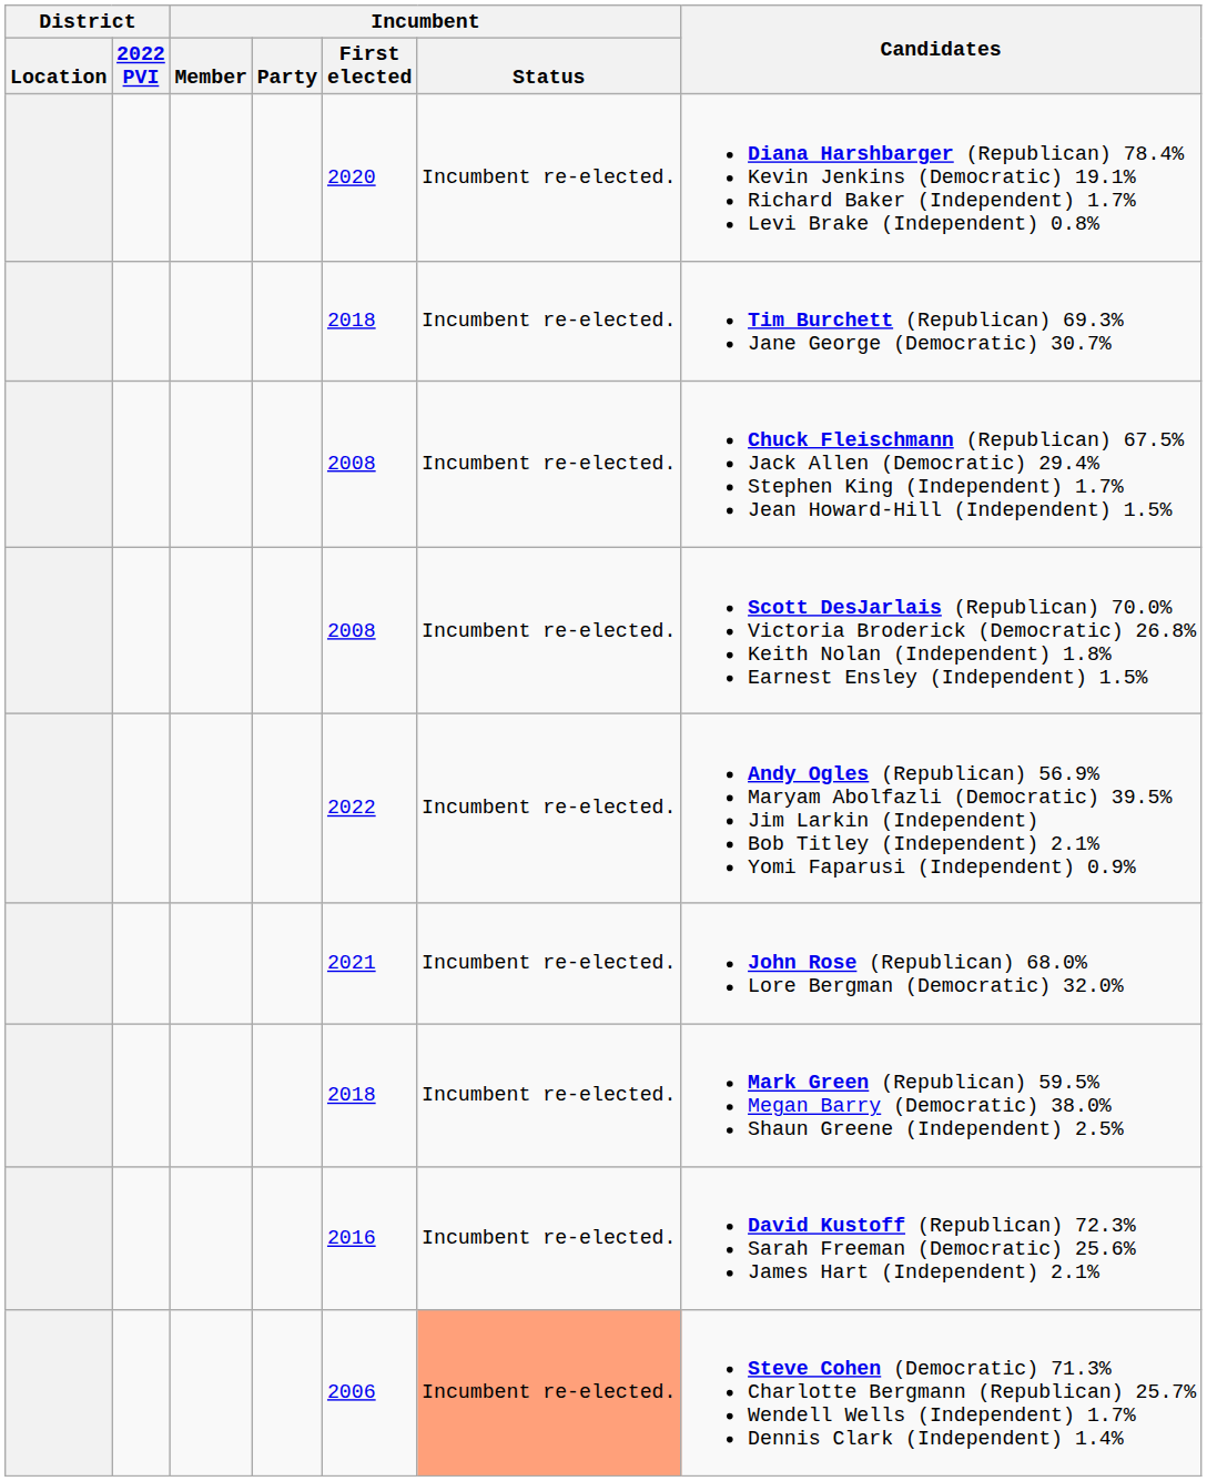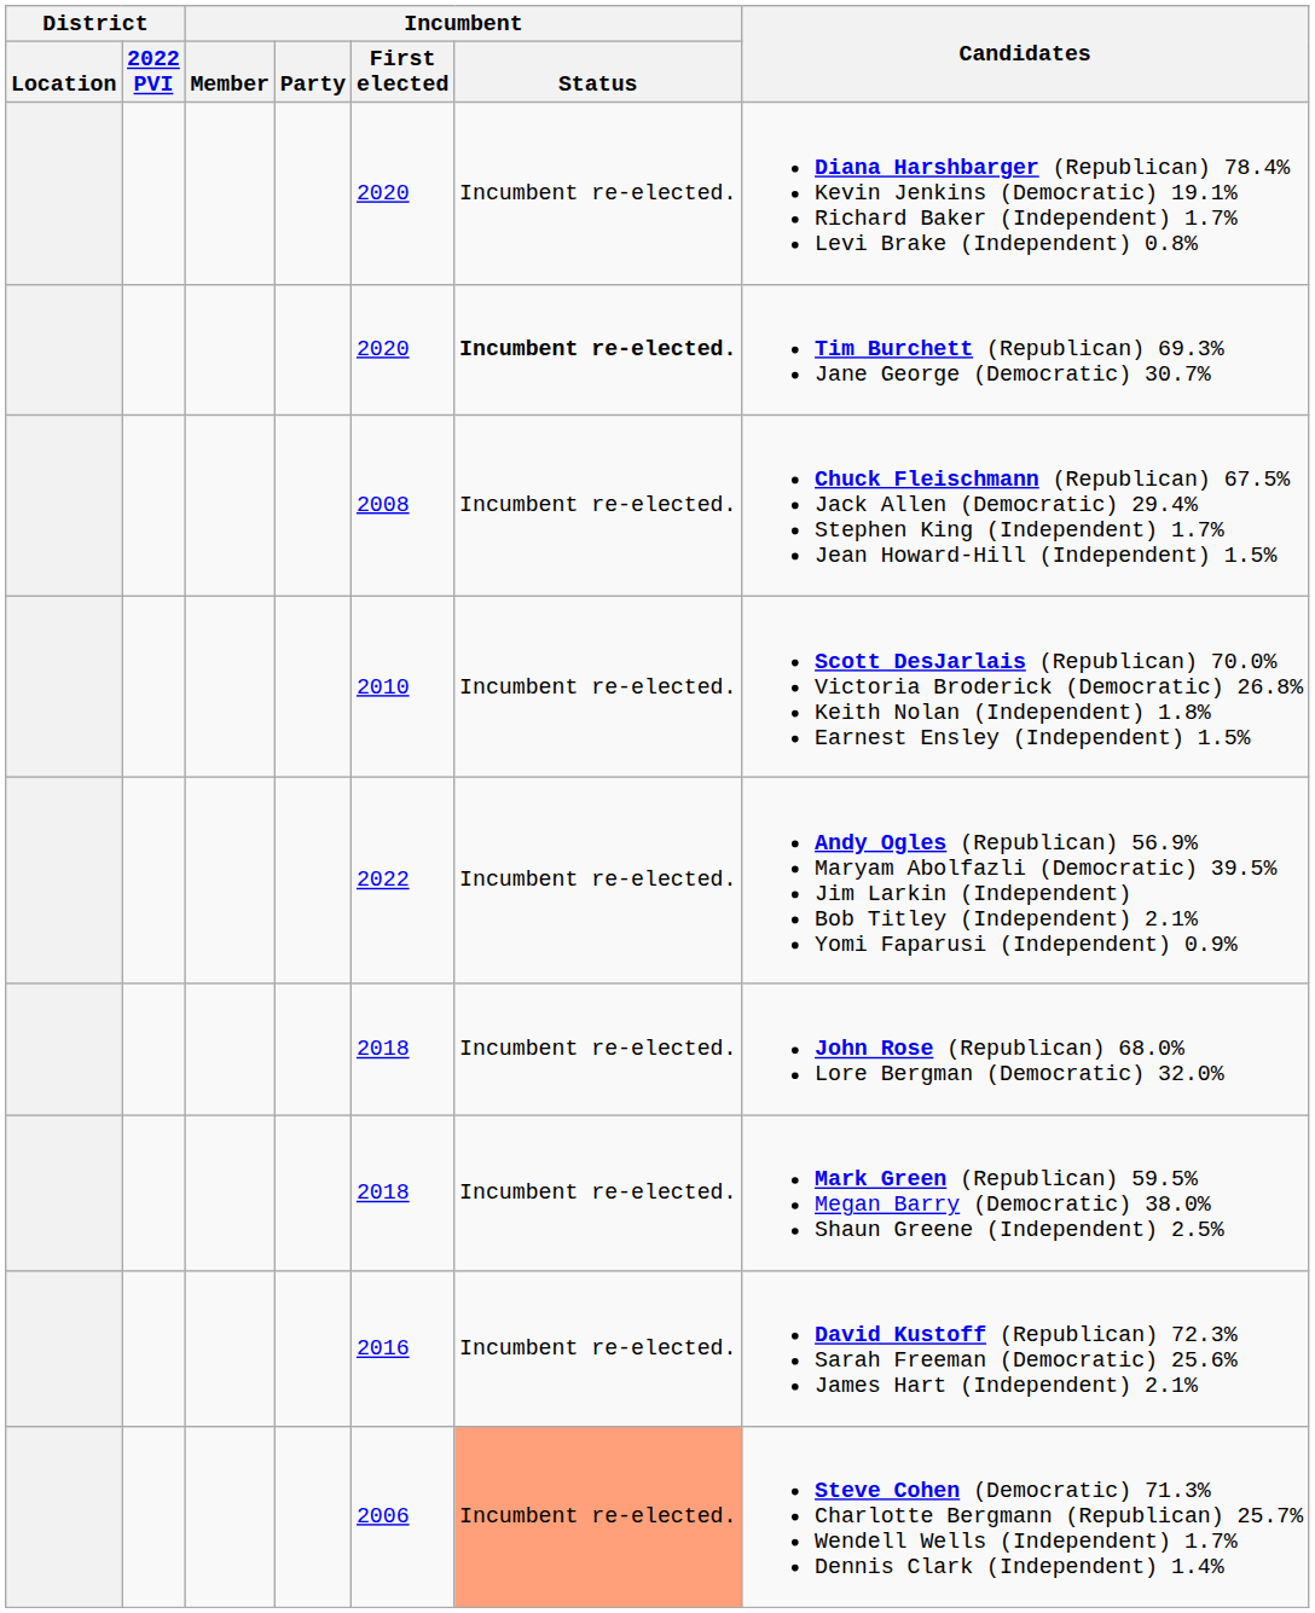 <table class="wikitable sortable">
 <tr>
 <th colspan=2>District</th>
 <th colspan=4>Incumbent</th>
 <th rowspan=2 class="unsortable">Candidates</th>
 </tr>
 <tr valign=bottom>
 <th>Location</th>
 <th><a href='#'>2022<br>PVI</a></th>
 <th>Member</th>
 <th>Party</th>
 <th>First<br>elected</th>
 <th>Status</th>
 </tr>
 <tr>
 <th></th>
 <td></td>
 <td></td>
 <td></td>
 <td><a href='#'>2020</a></td>
 <td>Incumbent re-elected.</td>
 <td nowrap><br><ul><li> <strong><a href='#'>Diana Harshbarger</a></strong> (Republican) 78.4%</li><li>Kevin Jenkins (Democratic) 19.1%</li><li>Richard Baker (Independent) 1.7%</li><li>Levi Brake (Independent) 0.8%</li></ul></td>
 </tr>
 <tr>
 <th></th>
 <td></td>
 <td></td>
 <td></td>
-<td><a href='#'>2018</a></td>
-<td>Incumbent re-elected.</td>
+<td><a href='#'>2020</a></td>
+<td><strong>Incumbent re-elected.</strong></td>
 <td nowrap><br><ul><li> <strong><a href='#'>Tim Burchett</a></strong> (Republican) 69.3%</li><li>Jane George (Democratic) 30.7%</li></ul></td>
 </tr>
 <tr>
 <th></th>
 <td></td>
 <td></td>
 <td></td>
 <td><a href='#'>2008</a></td>
 <td>Incumbent re-elected.</td>
 <td nowrap><br><ul><li> <strong><a href='#'>Chuck Fleischmann</a></strong> (Republican) 67.5%</li><li>Jack Allen (Democratic) 29.4%</li><li>Stephen King (Independent) 1.7%</li><li>Jean Howard-Hill (Independent) 1.5%</li></ul></td>
 </tr>
 <tr>
 <th></th>
 <td></td>
 <td></td>
 <td></td>
-<td><a href='#'>2008</a></td>
+<td><a href='#'>2010</a></td>
 <td>Incumbent re-elected.</td>
 <td nowrap><br><ul><li> <strong><a href='#'>Scott DesJarlais</a></strong> (Republican) 70.0%</li><li>Victoria Broderick (Democratic) 26.8%</li><li>Keith Nolan (Independent) 1.8%</li><li>Earnest Ensley (Independent) 1.5%</li></ul></td>
 </tr>
 <tr>
 <th></th>
 <td></td>
 <td></td>
 <td></td>
 <td><a href='#'>2022</a></td>
 <td>Incumbent re-elected.</td>
 <td nowrap><br><ul><li> <strong><a href='#'>Andy Ogles</a></strong> (Republican) 56.9%</li><li>Maryam Abolfazli (Democratic) 39.5%</li><li>Jim Larkin (Independent)</li><li>Bob Titley (Independent) 2.1%</li><li>Yomi Faparusi (Independent) 0.9%</li></ul></td>
 </tr>
 <tr>
 <th></th>
 <td></td>
 <td></td>
 <td></td>
-<td><a href='#'>2021</a></td>
+<td><a href='#'>2018</a></td>
 <td>Incumbent re-elected.</td>
 <td nowrap><br><ul><li> <strong><a href='#'>John Rose</a></strong> (Republican) 68.0%</li><li>Lore Bergman (Democratic) 32.0%</li></ul></td>
 </tr>
 <tr>
 <th></th>
 <td></td>
 <td></td>
 <td></td>
 <td><a href='#'>2018</a></td>
 <td>Incumbent re-elected.</td>
 <td nowrap><br><ul><li> <strong><a href='#'>Mark Green</a></strong> (Republican) 59.5%</li><li><a href='#'>Megan Barry</a> (Democratic) 38.0%</li><li>Shaun Greene (Independent) 2.5%</li></ul></td>
 </tr>
 <tr>
 <th></th>
 <td></td>
 <td></td>
 <td></td>
 <td><a href='#'>2016</a></td>
 <td>Incumbent re-elected.</td>
 <td nowrap><br><ul><li> <strong><a href='#'>David Kustoff</a></strong> (Republican) 72.3%</li><li>Sarah Freeman (Democratic) 25.6%</li><li>James Hart (Independent) 2.1%</li></ul></td>
 </tr>
 <tr>
 <th></th>
 <td></td>
 <td></td>
 <td></td>
 <td><a href='#'>2006</a></td>
 <td style="background: lightsalmon;">Incumbent re-elected.</td>
 <td nowrap><br><ul><li> <strong><a href='#'>Steve Cohen</a></strong> (Democratic) 71.3%</li><li>Charlotte Bergmann (Republican) 25.7%</li><li>Wendell Wells (Independent) 1.7%</li><li>Dennis Clark (Independent) 1.4%</li></ul></td>
 </tr>
 </table>
